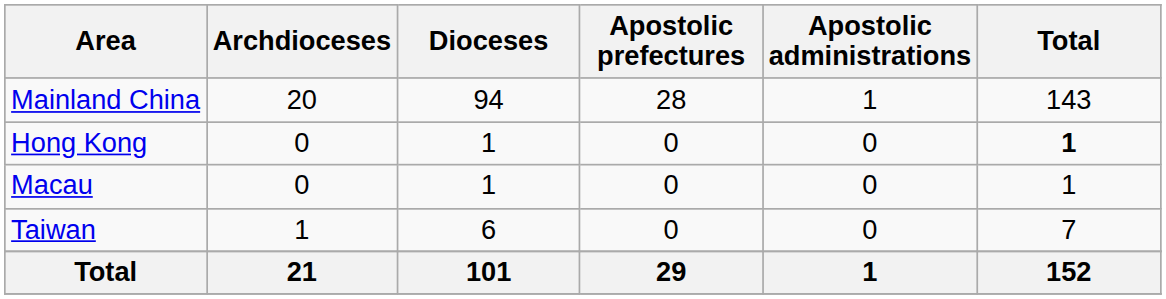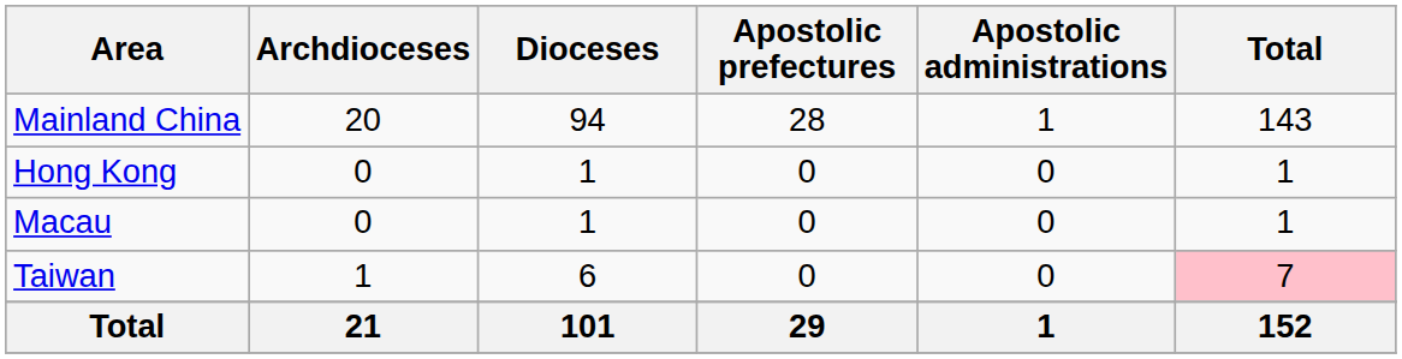 <table class="wikitable sortable" style="text-align: center">
 <tr>
 <th scope="col">Area</th>
 <th scope="col" width="100">Archdioceses</th>
 <th scope="col" width="100">Dioceses</th>
 <th scope="col" width="100">Apostolic prefectures</th>
 <th scope="col" width="100">Apostolic administrations</th>
 <th scope="col" width="100">Total</th>
 </tr>
 <tr>
 <td scope="row" align="left"><a href='#'>Mainland China</a></td>
 <td>20</td>
 <td>94</td>
 <td>28</td>
 <td>1</td>
 <td>143</td>
 </tr>
 <tr>
 <td scope="row" align="left"><a href='#'>Hong Kong</a></td>
 <td>0</td>
 <td>1</td>
 <td>0</td>
 <td>0</td>
-<td><strong>1</strong></td>
+<td>1</td>
 </tr>
 <tr>
 <td scope="row" align="left"><a href='#'>Macau</a></td>
 <td>0</td>
 <td>1</td>
 <td>0</td>
 <td>0</td>
 <td>1</td>
 </tr>
 <tr>
 <td scope="row" align="left"><a href='#'>Taiwan</a></td>
 <td>1</td>
 <td>6</td>
 <td>0</td>
 <td>0</td>
-<td>7</td>
+<td style="background: pink;">7</td>
 </tr>
 <tr>
 </tr>
 <tr>
 <th scope="row">Total</th>
 <th>21</th>
 <th>101</th>
 <th>29</th>
 <th>1</th>
 <th>152</th>
 </tr>
 <tr>
 </tr>
 </table>
